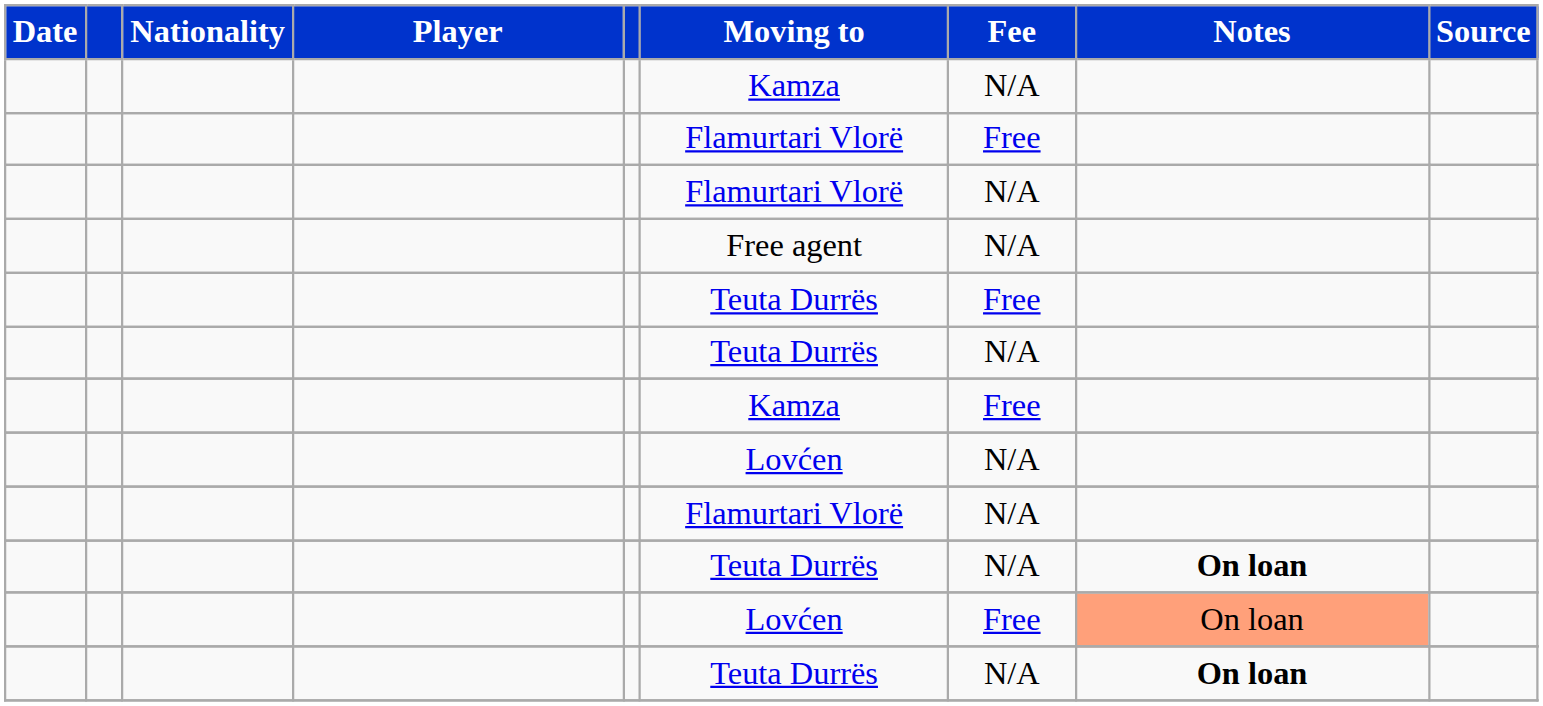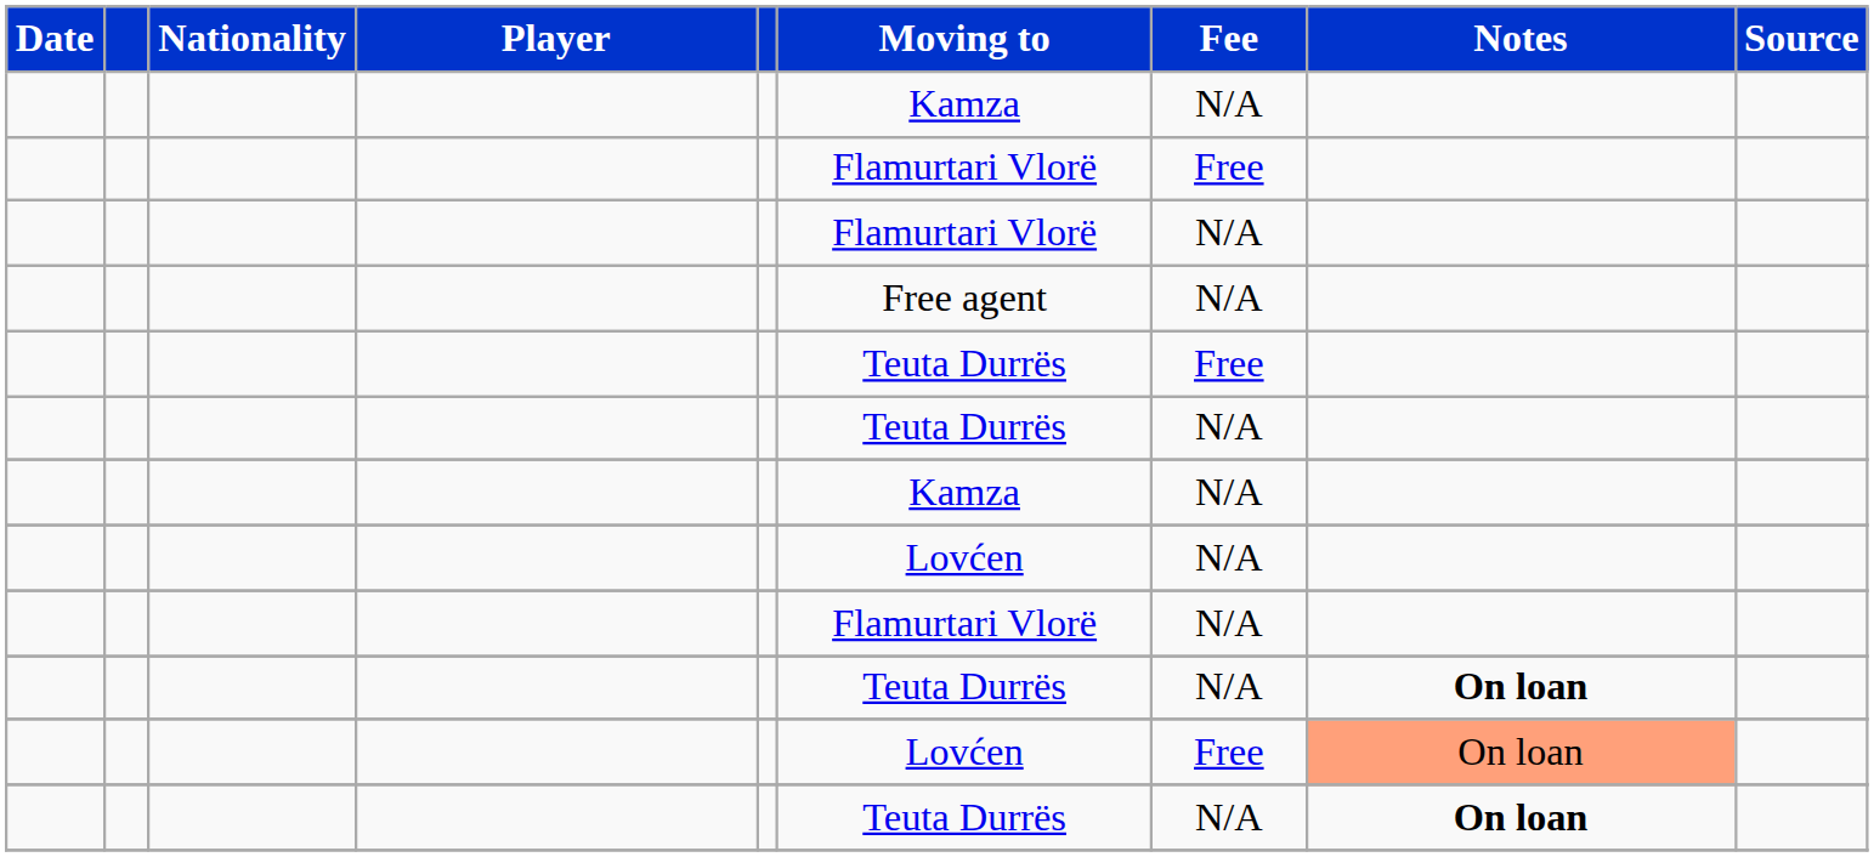 <table class="wikitable" style="text-align:center; font-size:90%; ">
 <tr>
 <th style="background:#03c; color:white; width:15px;">Date</th>
 <th style="background:#03c; color:white; width:10px;"></th>
 <th style="background:#03c; color:white; width:10px;">Nationality</th>
 <th style="background:#03c; color:white; width:140px;">Player</th>
 <th style="background:#03c; color:white; width:1px;"></th>
 <th style="background:#03c; color:white; width:130px;">Moving to</th>
 <th style="background:#03c; color:white; width:50px;">Fee</th>
 <th style="background:#03c; color:white; width:150px;">Notes</th>
 <th style="background:#03c; color:white; width:25px;">Source</th>
 </tr>
 <tr>
 <td></td>
 <td align=center></td>
 <td></td>
 <td></td>
 <td></td>
 <td><a href='#'>Kamza</a></td>
 <td align=center>N/A</td>
 <td align=center></td>
 <td align=center></td>
 </tr>
 <tr>
 </tr>
 <tr>
 <td></td>
 <td align=center></td>
 <td></td>
 <td></td>
 <td></td>
 <td><a href='#'>Flamurtari Vlorë</a></td>
 <td align=center><a href='#'>Free</a></td>
 <td align=center></td>
 <td align=center></td>
 </tr>
 <tr>
 </tr>
 <tr>
 <td></td>
 <td align=center></td>
 <td></td>
 <td></td>
 <td></td>
 <td><a href='#'>Flamurtari Vlorë</a></td>
 <td align=center>N/A</td>
 <td align=center></td>
 <td align=center></td>
 </tr>
 <tr>
 </tr>
 <tr>
 <td></td>
 <td align=center></td>
 <td></td>
 <td></td>
 <td></td>
 <td>Free agent</td>
 <td align=center>N/A</td>
 <td align=center></td>
 <td align=center></td>
 </tr>
 <tr>
 </tr>
 <tr>
 <td></td>
 <td align=center></td>
 <td></td>
 <td></td>
 <td></td>
 <td><a href='#'>Teuta Durrës</a></td>
 <td align=center><a href='#'>Free</a></td>
 <td align=center></td>
 <td align=center></td>
 </tr>
 <tr>
 </tr>
 <tr>
 <td></td>
 <td align=center></td>
 <td></td>
 <td></td>
 <td></td>
 <td><a href='#'>Teuta Durrës</a></td>
 <td align=center>N/A</td>
 <td align=center></td>
 <td align=center></td>
 </tr>
 <tr>
 </tr>
 <tr>
 <td></td>
 <td align=center></td>
 <td></td>
 <td></td>
 <td></td>
 <td><a href='#'>Kamza</a></td>
-<td align=center><a href='#'>Free</a></td>
+<td align=center>N/A</td>
 <td align=center></td>
 <td align=center></td>
 </tr>
 <tr>
 </tr>
 <tr>
 <td></td>
 <td align=center></td>
 <td></td>
 <td></td>
 <td></td>
 <td><a href='#'>Lovćen</a></td>
 <td align=center>N/A</td>
 <td align=center></td>
 <td align=center></td>
 </tr>
 <tr>
 </tr>
 <tr>
 <td></td>
 <td align=center></td>
 <td></td>
 <td></td>
 <td></td>
 <td><a href='#'>Flamurtari Vlorë</a></td>
 <td align=center>N/A</td>
 <td align=center></td>
 <td align=center></td>
 </tr>
 <tr>
 </tr>
 <tr>
 <td></td>
 <td align=center></td>
 <td></td>
 <td></td>
 <td></td>
 <td><a href='#'>Teuta Durrës</a></td>
 <td align=center>N/A</td>
 <td align=center><strong>On loan</strong></td>
 <td align=center></td>
 </tr>
 <tr>
 </tr>
 <tr>
 <td></td>
 <td align=center></td>
 <td></td>
 <td></td>
 <td></td>
 <td><a href='#'>Lovćen</a></td>
 <td align=center><a href='#'>Free</a></td>
 <td align=center style="background: lightsalmon;">On loan</td>
 <td align=center></td>
 </tr>
 <tr>
 </tr>
 <tr>
 <td></td>
 <td align=center></td>
 <td></td>
 <td></td>
 <td></td>
 <td><a href='#'>Teuta Durrës</a></td>
 <td align=center>N/A</td>
 <td align=center><strong>On loan</strong></td>
 <td align=center></td>
 </tr>
 <tr>
 </tr>
 </table>
